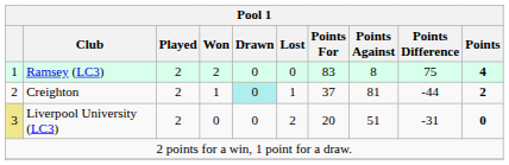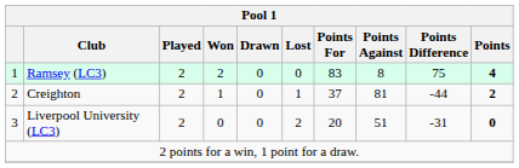 <table class="wikitable" style="text-align: center;">
 <tr>
 <th colspan=15><strong>Pool 1</strong></th>
 </tr>
 <tr>
 <th bgcolor="#efefef" width="20"></th>
 <th bgcolor="#efefef" width="220">Club</th>
 <th bgcolor="#efefef" width="20">Played</th>
 <th bgcolor="#efefef" width="20">Won</th>
 <th bgcolor="#efefef" width="20">Drawn</th>
 <th bgcolor="#efefef" width="20">Lost</th>
 <th bgcolor="#efefef" width="20">Points For</th>
 <th bgcolor="#efefef" width="20">Points Against</th>
 <th bgcolor="#efefef" width="20">Points Difference</th>
 <th bgcolor="#efefef" width="20">Points</th>
 </tr>
 <tr bgcolor=#d8ffeb align=center>
 <td>1</td>
 <td style="text-align:left;"><a href='#'>Ramsey</a> (<a href='#'>LC3</a>)</td>
 <td>2</td>
 <td>2</td>
 <td>0</td>
 <td>0</td>
 <td>83</td>
 <td>8</td>
 <td>75</td>
 <td><strong>4</strong></td>
 </tr>
 <tr>
 <td>2</td>
 <td style="text-align:left;">Creighton</td>
 <td>2</td>
 <td>1</td>
-<td style="background: paleturquoise;">0</td>
+<td>0</td>
 <td>1</td>
 <td>37</td>
 <td>81</td>
 <td>-44</td>
 <td><strong>2</strong></td>
 </tr>
 <tr>
-<td style="background: khaki;">3</td>
+<td>3</td>
 <td style="text-align:left;">Liverpool University (<a href='#'>LC3</a>)</td>
 <td>2</td>
 <td>0</td>
 <td>0</td>
 <td>2</td>
 <td>20</td>
 <td>51</td>
 <td>-31</td>
 <td><strong>0</strong></td>
 </tr>
 <tr>
 <td colspan=15>2 points for a win, 1 point for a draw.</td>
 </tr>
 <tr>
 </tr>
 </table>
